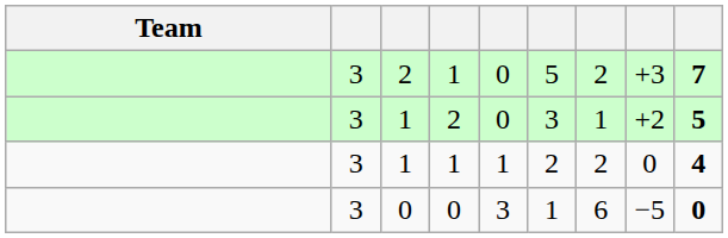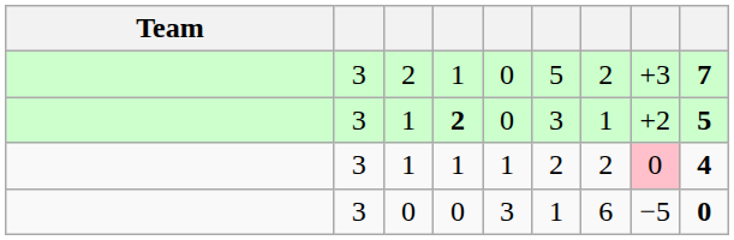 <table class="wikitable" style="text-align:center;">
 <tr>
 <th width="175">Team</th>
 <th width="20"></th>
 <th width="20"></th>
 <th width="20"></th>
 <th width="20"></th>
 <th width="20"></th>
 <th width="20"></th>
 <th width="20"></th>
 <th width="20"></th>
 </tr>
 <tr bgcolor="#ccffcc">
 <td align=left></td>
 <td>3</td>
 <td>2</td>
 <td>1</td>
 <td>0</td>
 <td>5</td>
 <td>2</td>
 <td>+3</td>
 <td><strong>7</strong></td>
 </tr>
 <tr bgcolor="#ccffcc">
 <td align=left></td>
 <td>3</td>
 <td>1</td>
-<td>2</td>
+<td><strong>2</strong></td>
 <td>0</td>
 <td>3</td>
 <td>1</td>
 <td>+2</td>
 <td><strong>5</strong></td>
 </tr>
 <tr>
 <td align=left></td>
 <td>3</td>
 <td>1</td>
 <td>1</td>
 <td>1</td>
 <td>2</td>
 <td>2</td>
-<td>0</td>
+<td style="background: pink;">0</td>
 <td><strong>4</strong></td>
 </tr>
 <tr>
 <td align=left></td>
 <td>3</td>
 <td>0</td>
 <td>0</td>
 <td>3</td>
 <td>1</td>
 <td>6</td>
 <td>−5</td>
 <td><strong>0</strong></td>
 </tr>
 </table>
